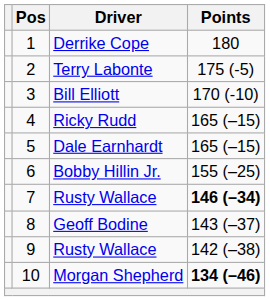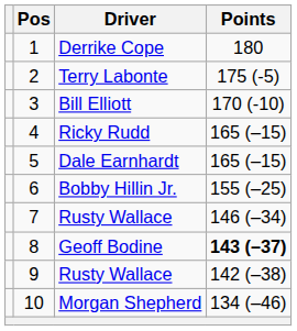 <table class="wikitable" style="font-size: 95%;">
 <tr>
 <th></th>
 <th>Pos</th>
 <th>Driver</th>
 <th>Points</th>
 </tr>
 <tr>
 <td align="left"></td>
 <td style="text-align:center;">1</td>
 <td><a href='#'>Derrike Cope</a></td>
 <td style="text-align:center;">180</td>
 </tr>
 <tr>
 <td align="left"></td>
 <td style="text-align:center;">2</td>
 <td><a href='#'>Terry Labonte</a></td>
 <td style="text-align:center;">175 (-5)</td>
 </tr>
 <tr>
 <td align="left"></td>
 <td style="text-align:center;">3</td>
 <td><a href='#'>Bill Elliott</a></td>
 <td style="text-align:center;">170 (-10)</td>
 </tr>
 <tr>
 <td align="left"></td>
 <td style="text-align:center;">4</td>
 <td><a href='#'>Ricky Rudd</a></td>
 <td style="text-align:center;">165 (–15)</td>
 </tr>
 <tr>
 <td align="left"></td>
 <td style="text-align:center;">5</td>
 <td><a href='#'>Dale Earnhardt</a></td>
 <td style="text-align:center;">165 (–15)</td>
 </tr>
 <tr>
 <td align="left"></td>
 <td style="text-align:center;">6</td>
 <td><a href='#'>Bobby Hillin Jr.</a></td>
 <td style="text-align:center;">155 (–25)</td>
 </tr>
 <tr>
 <td align="left"></td>
 <td style="text-align:center;">7</td>
 <td><a href='#'>Rusty Wallace</a></td>
-<td style="text-align:center;"><strong>146 (–34)</strong></td>
+<td style="text-align:center;">146 (–34)</td>
 </tr>
 <tr>
 <td align="left"></td>
 <td style="text-align:center;">8</td>
 <td><a href='#'>Geoff Bodine</a></td>
-<td style="text-align:center;">143 (–37)</td>
+<td style="text-align:center;"><strong>143 (–37)</strong></td>
 </tr>
 <tr>
 <td align="left"></td>
 <td style="text-align:center;">9</td>
 <td><a href='#'>Rusty Wallace</a></td>
 <td style="text-align:center;">142 (–38)</td>
 </tr>
 <tr>
 <td align="left"></td>
 <td style="text-align:center;">10</td>
 <td><a href='#'>Morgan Shepherd</a></td>
-<td style="text-align:center;"><strong>134 (–46)</strong></td>
+<td style="text-align:center;">134 (–46)</td>
 </tr>
 <tr class="sortbottom">
 <th colspan="9"></th>
 </tr>
 </table>
